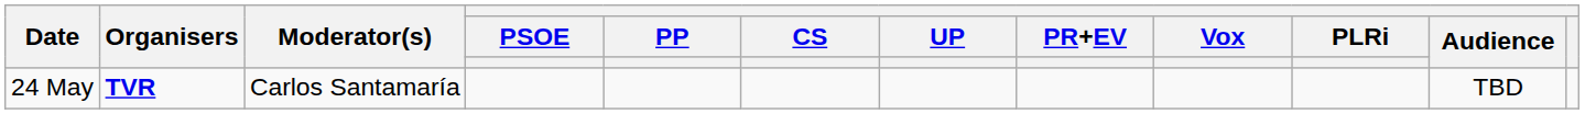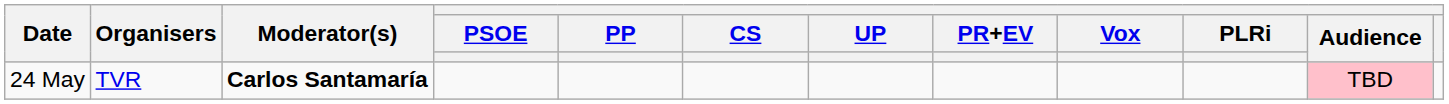 <table class="wikitable" style="text-align:center;">
 <tr>
 <th rowspan="3">Date</th>
 <th rowspan="3">Organisers</th>
 <th rowspan="3">Moderator(s)</th>
 <th colspan="10">  </th>
 </tr>
 <tr>
 <th scope="col" style="width:5em;"><a href='#'>PSOE</a></th>
 <th scope="col" style="width:5em;"><a href='#'>PP</a></th>
 <th scope="col" style="width:5em;"><a href='#'>CS</a></th>
 <th scope="col" style="width:5em;"><a href='#'>UP</a></th>
 <th scope="col" style="width:5em;"><a href='#'>PR</a>+<a href='#'>EV</a></th>
 <th scope="col" style="width:5em;"><a href='#'>Vox</a></th>
 <th scope="col" style="width:5em;">PLRi</th>
 <th rowspan="2" scope="col" style="width:5em;">Audience</th>
 <th rowspan="2"></th>
 </tr>
 <tr>
 <th style="color:inherit;background:"></th>
 <th style="color:inherit;background:"></th>
 <th style="color:inherit;background:"></th>
 <th style="color:inherit;background:"></th>
 <th style="color:inherit;background:"></th>
 <th style="color:inherit;background:"></th>
 <th style="color:inherit;background:"></th>
 </tr>
 <tr>
 <td style="white-space:nowrap; text-align:left;">24 May</td>
-<td style="white-space:nowrap; text-align:left;"><strong><a href='#'>TVR</a></strong></td>
-<td style="white-space:nowrap; text-align:left;">Carlos Santamaría</td>
+<td style="white-space:nowrap; text-align:left;"><a href='#'>TVR</a></td>
+<td style="white-space:nowrap; text-align:left;"><strong>Carlos Santamaría</strong></td>
 <td></td>
 <td></td>
 <td></td>
 <td></td>
 <td></td>
 <td></td>
 <td></td>
-<td>TBD</td>
+<td style="background: pink;">TBD</td>
 <td></td>
 </tr>
 </table>
